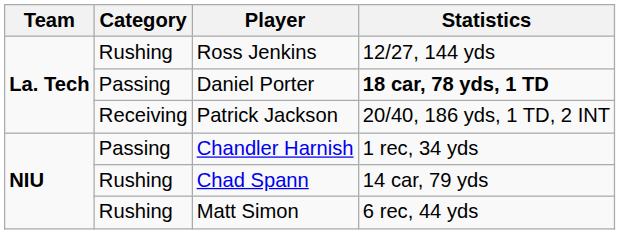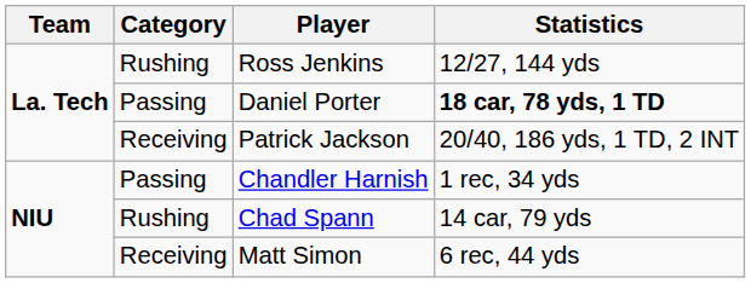 <table class="wikitable">
 <tr>
 <th>Team</th>
 <th>Category</th>
 <th>Player</th>
 <th>Statistics</th>
 </tr>
 <tr>
 <td rowspan=3><strong>La. Tech</strong></td>
 <td>Rushing</td>
 <td>Ross Jenkins</td>
 <td>12/27, 144 yds</td>
 </tr>
 <tr>
 <td>Passing</td>
 <td>Daniel Porter</td>
 <td><strong>18 car, 78 yds, 1 TD</strong></td>
 </tr>
 <tr>
 <td>Receiving</td>
 <td>Patrick Jackson</td>
 <td>20/40, 186 yds, 1 TD, 2 INT</td>
 </tr>
 <tr>
 <td rowspan=3><strong>NIU</strong></td>
 <td>Passing</td>
 <td><a href='#'>Chandler Harnish</a></td>
 <td>1 rec, 34 yds</td>
 </tr>
 <tr>
 <td>Rushing</td>
 <td><a href='#'>Chad Spann</a></td>
 <td>14 car, 79 yds</td>
 </tr>
 <tr>
-<td>Rushing</td>
+<td>Receiving</td>
 <td>Matt Simon</td>
 <td>6 rec, 44 yds</td>
 </tr>
 </table>
